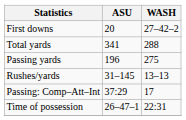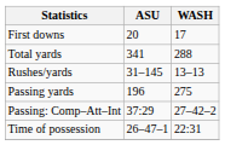 <table class="wikitable" style="float: left;">
 <tr>
 <th>Statistics</th>
 <th>ASU</th>
 <th>WASH</th>
 </tr>
 <tr>
 <td>First downs</td>
 <td>20</td>
-<td>27–42–2</td>
+<td>17</td>
 </tr>
 <tr>
 <td>Total yards</td>
 <td>341</td>
 <td>288</td>
 </tr>
 <tr>
+<td>Rushes/yards</td>
+<td>31–145</td>
+<td>13–13</td>
+</tr>
+<tr>
 <td>Passing yards</td>
 <td>196</td>
 <td>275</td>
 </tr>
 <tr>
-<td>Rushes/yards</td>
-<td>31–145</td>
-<td>13–13</td>
-</tr>
-<tr>
 <td>Passing: Comp–Att–Int</td>
 <td>37:29</td>
-<td>17</td>
+<td>27–42–2</td>
 </tr>
 <tr>
 <td>Time of possession</td>
 <td>26–47–1</td>
 <td>22:31</td>
 </tr>
 <tr>
 </tr>
 </table>
